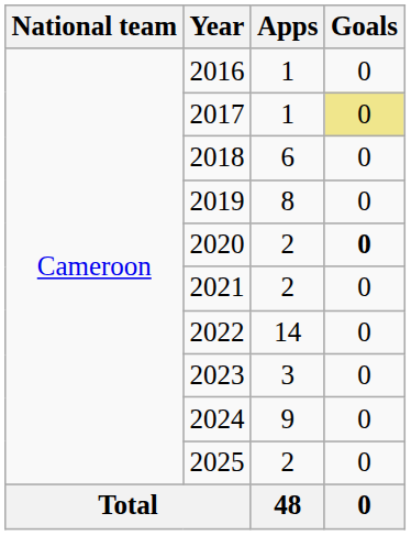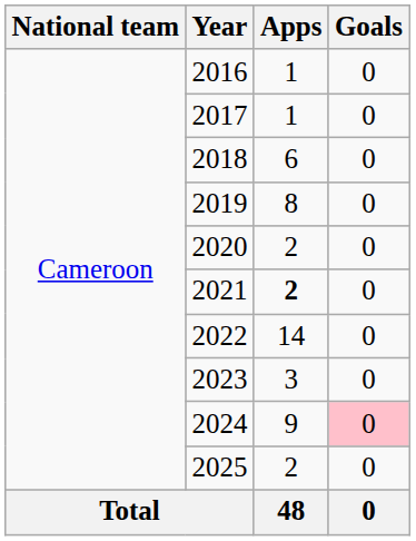 <table class="wikitable" style="text-align:center">
 <tr>
 <th>National team</th>
 <th>Year</th>
 <th>Apps</th>
 <th>Goals</th>
 </tr>
 <tr>
 <td rowspan="10"><a href='#'>Cameroon</a></td>
 <td>2016</td>
 <td>1</td>
 <td>0</td>
 </tr>
 <tr>
 <td>2017</td>
 <td>1</td>
-<td style="background: khaki;">0</td>
+<td>0</td>
 </tr>
 <tr>
 <td>2018</td>
 <td>6</td>
 <td>0</td>
 </tr>
 <tr>
 <td>2019</td>
 <td>8</td>
 <td>0</td>
 </tr>
 <tr>
 <td>2020</td>
 <td>2</td>
-<td><strong>0</strong></td>
+<td>0</td>
 </tr>
 <tr>
 <td>2021</td>
-<td>2</td>
+<td><strong>2</strong></td>
 <td>0</td>
 </tr>
 <tr>
 <td>2022</td>
 <td>14</td>
 <td>0</td>
 </tr>
 <tr>
 <td>2023</td>
 <td>3</td>
 <td>0</td>
 </tr>
 <tr>
 <td>2024</td>
 <td>9</td>
-<td>0</td>
+<td style="background: pink;">0</td>
 </tr>
 <tr>
 <td>2025</td>
 <td>2</td>
 <td>0</td>
 </tr>
 <tr>
 <th colspan="2">Total</th>
 <th>48</th>
 <th>0</th>
 </tr>
 </table>
